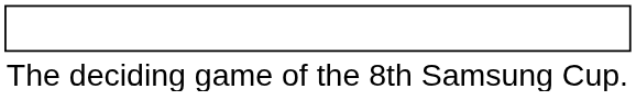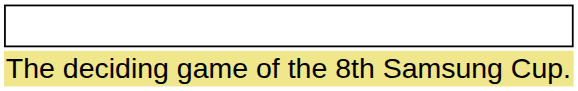 <table style="margin:1em;">
 <tr>
 <td style="border: solid thin; padding: 2px;"><br></td>
 </tr>
 <tr>
-<td style="text-align:center">The deciding game of the 8th Samsung Cup.</td>
+<td style="background: khaki; text-align:center">The deciding game of the 8th Samsung Cup.</td>
 </tr>
 </table>
